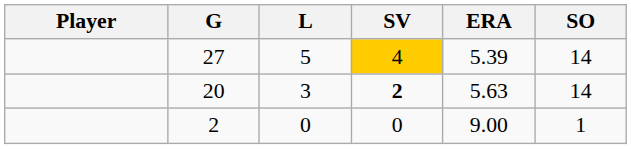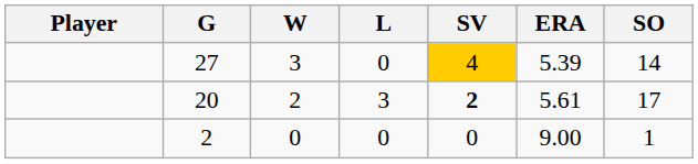 <table class="wikitable sortable">
 <tr>
 <th bgcolor="#DDDDFF" width="16%">Player</th>
 <th bgcolor="#DDDDFF" width="9%">G</th>
+<th bgcolor="#DDDDFF" width="9%">W</th>
 <th bgcolor="#DDDDFF" width="9%">L</th>
 <th bgcolor="#DDDDFF" width="9%">SV</th>
 <th bgcolor="#DDDDFF" width="9%">ERA</th>
 <th bgcolor="#DDDDFF" width="9%">SO</th>
 </tr>
 <tr align="center">
 <td></td>
 <td>27</td>
-<td>5</td>
+<td>3</td>
+<td>0</td>
 <td style="background:#fc0;">4</td>
 <td>5.39</td>
 <td>14</td>
 </tr>
 <tr align="center">
 <td></td>
 <td>20</td>
+<td>2</td>
 <td>3</td>
 <td><strong>2</strong></td>
-<td>5.63</td>
-<td>14</td>
+<td>5.61</td>
+<td>17</td>
 </tr>
 <tr align="center">
 <td></td>
 <td>2</td>
 <td>0</td>
 <td>0</td>
+<td>0</td>
 <td>9.00</td>
 <td>1</td>
 </tr>
 </table>
